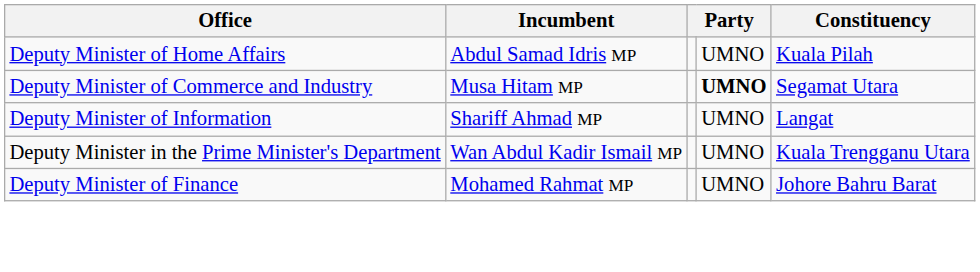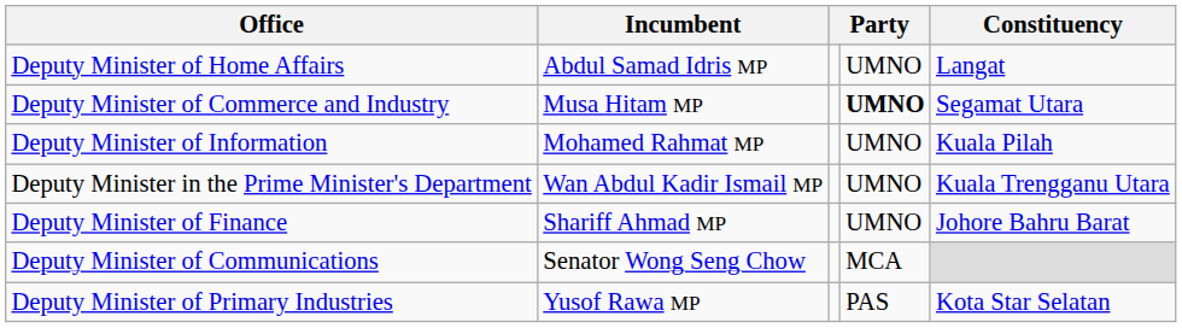 <table class="sortable wikitable">
 <tr>
 <th>Office</th>
 <th>Incumbent</th>
 <th colspan=2>Party</th>
 <th>Constituency</th>
 </tr>
 <tr>
 <td><a href='#'>Deputy Minister of Home Affairs</a></td>
 <td><a href='#'>Abdul Samad Idris</a> <small>MP</small></td>
 <td rowspan=1></td>
 <td>UMNO</td>
-<td><a href='#'>Kuala Pilah</a></td>
+<td><a href='#'>Langat</a></td>
 </tr>
 <tr>
 <td><a href='#'>Deputy Minister of Commerce and Industry</a></td>
 <td><a href='#'>Musa Hitam</a> <small>MP</small></td>
 <td rowspan=1></td>
 <td><strong>UMNO</strong></td>
 <td><a href='#'>Segamat Utara</a></td>
 </tr>
 <tr>
 <td><a href='#'>Deputy Minister of Information</a></td>
-<td><a href='#'>Shariff Ahmad</a> <small>MP</small></td>
+<td><a href='#'>Mohamed Rahmat</a> <small>MP</small></td>
 <td rowspan=1></td>
 <td>UMNO</td>
-<td><a href='#'>Langat</a></td>
+<td><a href='#'>Kuala Pilah</a></td>
 </tr>
 <tr>
 <td>Deputy Minister in the <a href='#'>Prime Minister's Department</a></td>
 <td><a href='#'>Wan Abdul Kadir Ismail</a> <small>MP</small></td>
 <td rowspan=1></td>
 <td>UMNO</td>
 <td><a href='#'>Kuala Trengganu Utara</a></td>
 </tr>
 <tr>
 <td><a href='#'>Deputy Minister of Finance</a></td>
-<td><a href='#'>Mohamed Rahmat</a> <small>MP</small></td>
+<td><a href='#'>Shariff Ahmad</a> <small>MP</small></td>
 <td rowspan=1></td>
 <td>UMNO</td>
 <td><a href='#'>Johore Bahru Barat</a></td>
 </tr>
+<tr>
+<td><a href='#'>Deputy Minister of Communications</a></td>
+<td>Senator <a href='#'>Wong Seng Chow</a></td>
+<td rowspan=1></td>
+<td>MCA</td>
+<td bgcolor=dcdcdc></td>
+</tr>
+<tr>
+<td><a href='#'>Deputy Minister of Primary Industries</a></td>
+<td><a href='#'>Yusof Rawa</a> <small>MP</small></td>
+<td rowspan=1></td>
+<td>PAS</td>
+<td><a href='#'>Kota Star Selatan</a></td>
+</tr>
 </table>
